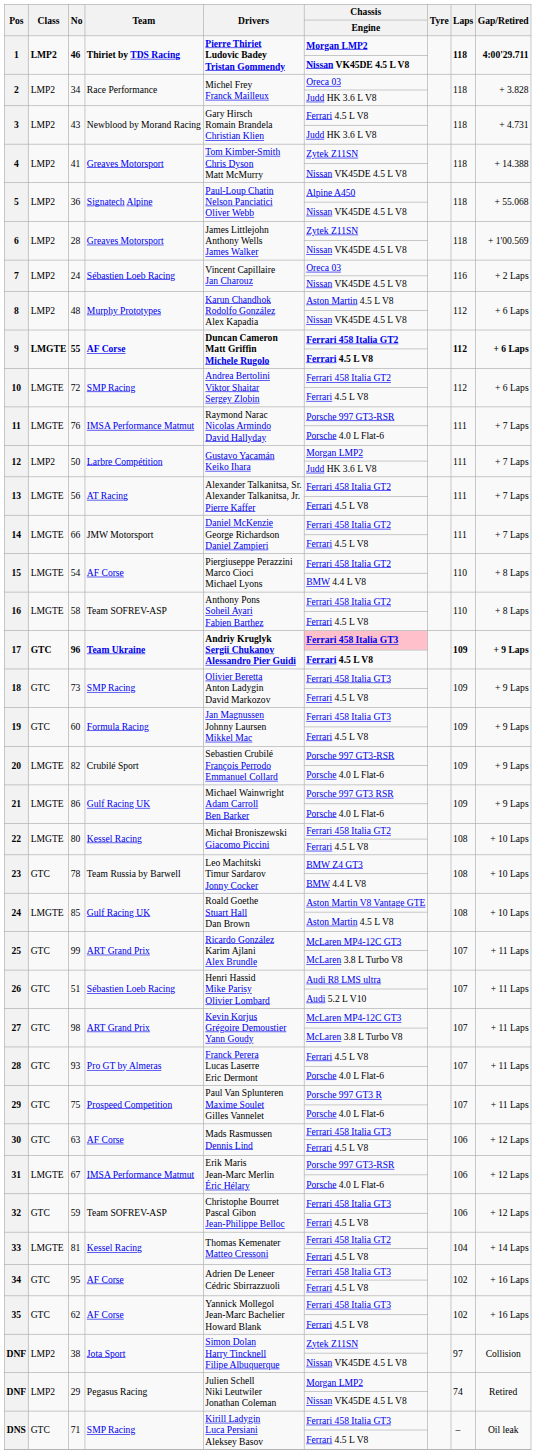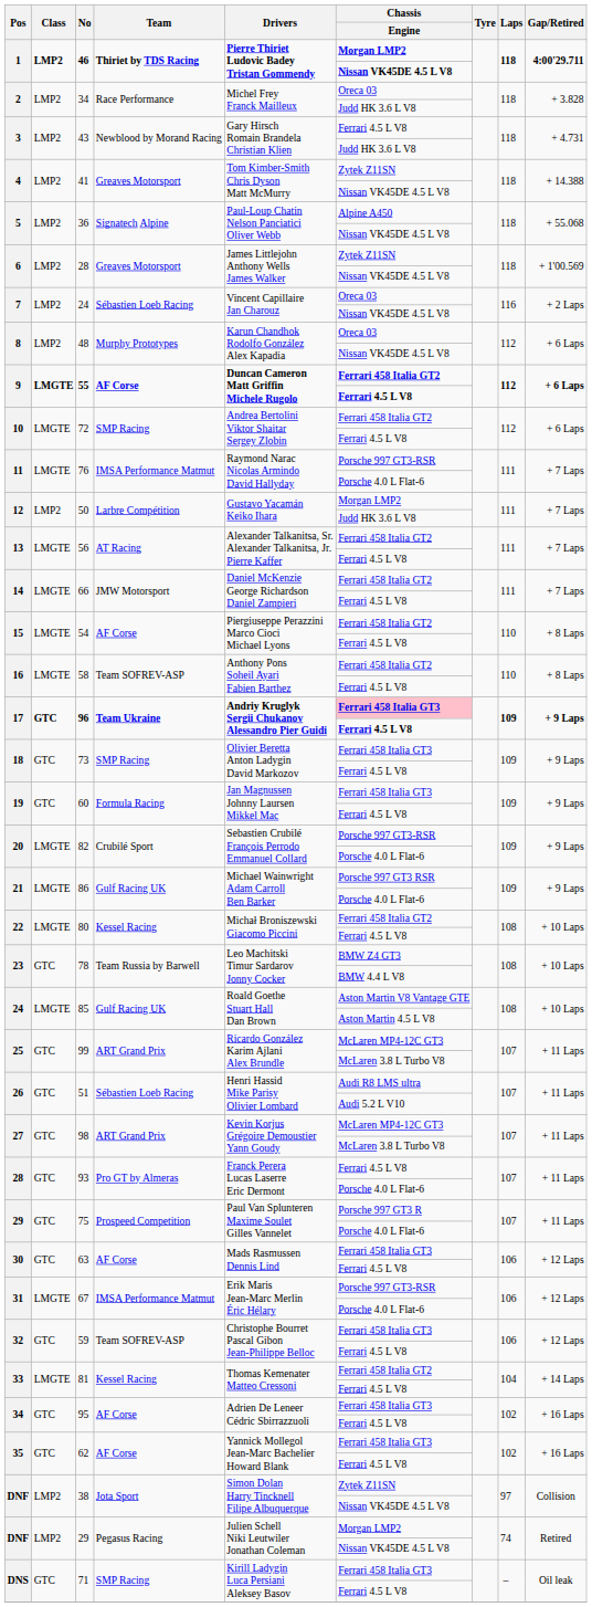 <table class="wikitable" style="font-size: 95%;">
 <tr>
 <th rowspan=2>Pos</th>
 <th rowspan=2>Class</th>
 <th rowspan=2>No</th>
 <th rowspan=2>Team</th>
 <th rowspan=2>Drivers</th>
 <th>Chassis</th>
 <th rowspan=2>Tyre</th>
 <th rowspan=2>Laps</th>
 <th rowspan=2>Gap/Retired</th>
 </tr>
 <tr>
 <th>Engine</th>
 </tr>
 <tr style="font-weight:bold">
 <th rowspan=2>1</th>
 <td rowspan=2><span>LMP2</span></td>
 <td rowspan=2>46</td>
 <td rowspan=2> Thiriet by <a href='#'>TDS Racing</a></td>
 <td rowspan=2> <a href='#'>Pierre Thiriet</a><br> Ludovic Badey<br> <a href='#'>Tristan Gommendy</a></td>
 <td><a href='#'>Morgan LMP2</a></td>
 <td rowspan=2></td>
 <td rowspan=2>118</td>
 <td rowspan=2 style="text-align:right;">4:00'29.711</td>
 </tr>
 <tr style="font-weight:bold">
 <td><a href='#'>Nissan</a> VK45DE 4.5 L V8</td>
 </tr>
 <tr>
 <th rowspan=2>2</th>
 <td rowspan=2><span>LMP2</span></td>
 <td rowspan=2>34</td>
 <td rowspan=2> Race Performance</td>
 <td rowspan=2> Michel Frey<br> <a href='#'>Franck Mailleux</a></td>
 <td><a href='#'>Oreca 03</a></td>
 <td rowspan=2></td>
 <td rowspan=2>118</td>
 <td rowspan=2 style="text-align:right;">+ 3.828</td>
 </tr>
 <tr>
 <td><a href='#'>Judd</a> HK 3.6 L V8</td>
 </tr>
 <tr>
 <th rowspan=2>3</th>
 <td rowspan=2><span>LMP2</span></td>
 <td rowspan=2>43</td>
 <td rowspan=2> Newblood by Morand Racing</td>
 <td rowspan=2> Gary Hirsch<br> Romain Brandela<br> <a href='#'>Christian Klien</a></td>
 <td><a href='#'>Ferrari</a> 4.5 L V8</td>
 <td rowspan=2></td>
 <td rowspan=2>118</td>
 <td rowspan=2 style="text-align:right;">+ 4.731</td>
 </tr>
 <tr>
 <td><a href='#'>Judd</a> HK 3.6 L V8</td>
 </tr>
 <tr>
 <th rowspan=2>4</th>
 <td rowspan=2><span>LMP2</span></td>
 <td rowspan=2>41</td>
 <td rowspan=2> <a href='#'>Greaves Motorsport</a></td>
 <td rowspan=2> <a href='#'>Tom Kimber-Smith</a><br> <a href='#'>Chris Dyson</a><br> Matt McMurry</td>
 <td><a href='#'>Zytek Z11SN</a></td>
 <td rowspan=2></td>
 <td rowspan=2>118</td>
 <td rowspan=2 style="text-align:right;">+ 14.388</td>
 </tr>
 <tr>
 <td><a href='#'>Nissan</a> VK45DE 4.5 L V8</td>
 </tr>
 <tr>
 <th rowspan=2>5</th>
 <td rowspan=2><span>LMP2</span></td>
 <td rowspan=2>36</td>
 <td rowspan=2> <a href='#'>Signatech</a> <a href='#'>Alpine</a></td>
 <td rowspan=2> <a href='#'>Paul-Loup Chatin</a><br> <a href='#'>Nelson Panciatici</a><br> <a href='#'>Oliver Webb</a></td>
 <td><a href='#'>Alpine A450</a></td>
 <td rowspan=2></td>
 <td rowspan=2>118</td>
 <td rowspan=2 style="text-align:right;">+ 55.068</td>
 </tr>
 <tr>
 <td><a href='#'>Nissan</a> VK45DE 4.5 L V8</td>
 </tr>
 <tr>
 <th rowspan=2>6</th>
 <td rowspan=2><span>LMP2</span></td>
 <td rowspan=2>28</td>
 <td rowspan=2> <a href='#'>Greaves Motorsport</a></td>
 <td rowspan=2> James Littlejohn<br> Anthony Wells<br> <a href='#'>James Walker</a></td>
 <td><a href='#'>Zytek Z11SN</a></td>
 <td rowspan=2></td>
 <td rowspan=2>118</td>
 <td rowspan=2 style="text-align:right;">+ 1'00.569</td>
 </tr>
 <tr>
 <td><a href='#'>Nissan</a> VK45DE 4.5 L V8</td>
 </tr>
 <tr>
 <th rowspan=2>7</th>
 <td rowspan=2><span>LMP2</span></td>
 <td rowspan=2>24</td>
 <td rowspan=2> <a href='#'>Sébastien Loeb Racing</a></td>
 <td rowspan=2> Vincent Capillaire<br> <a href='#'>Jan Charouz</a></td>
 <td><a href='#'>Oreca 03</a></td>
 <td rowspan=2></td>
 <td rowspan=2>116</td>
 <td rowspan=2 style="text-align:right;">+ 2 Laps</td>
 </tr>
 <tr>
 <td><a href='#'>Nissan</a> VK45DE 4.5 L V8</td>
 </tr>
 <tr>
 <th rowspan=2>8</th>
 <td rowspan=2><span>LMP2</span></td>
 <td rowspan=2>48</td>
 <td rowspan=2> <a href='#'>Murphy Prototypes</a></td>
 <td rowspan=2> <a href='#'>Karun Chandhok</a><br> <a href='#'>Rodolfo González</a><br> Alex Kapadia</td>
-<td><a href='#'>Aston Martin</a> 4.5 L V8</td>
+<td><a href='#'>Oreca 03</a></td>
 <td rowspan=2></td>
 <td rowspan=2>112</td>
 <td rowspan=2 style="text-align:right;">+ 6 Laps</td>
 </tr>
 <tr>
 <td><a href='#'>Nissan</a> VK45DE 4.5 L V8</td>
 </tr>
 <tr style="font-weight:bold">
 <th rowspan=2>9</th>
 <td rowspan=2><span>LMGTE</span></td>
 <td rowspan=2>55</td>
 <td rowspan=2> <a href='#'>AF Corse</a></td>
 <td rowspan=2> Duncan Cameron<br> Matt Griffin<br> <a href='#'>Michele Rugolo</a></td>
 <td><a href='#'>Ferrari 458 Italia GT2</a></td>
 <td rowspan=2></td>
 <td rowspan=2>112</td>
 <td rowspan=2 style="text-align:right;">+ 6 Laps</td>
 </tr>
 <tr style="font-weight:bold">
 <td><a href='#'>Ferrari</a> 4.5 L V8</td>
 </tr>
 <tr>
 <th rowspan=2>10</th>
 <td rowspan=2><span>LMGTE</span></td>
 <td rowspan=2>72</td>
 <td rowspan=2> <a href='#'>SMP Racing</a></td>
 <td rowspan=2> <a href='#'>Andrea Bertolini</a><br> <a href='#'>Viktor Shaitar</a><br> <a href='#'>Sergey Zlobin</a></td>
 <td><a href='#'>Ferrari 458 Italia GT2</a></td>
 <td rowspan=2></td>
 <td rowspan=2>112</td>
 <td rowspan=2 style="text-align:right;">+ 6 Laps</td>
 </tr>
 <tr>
 <td><a href='#'>Ferrari</a> 4.5 L V8</td>
 </tr>
 <tr>
 <th rowspan=2>11</th>
 <td rowspan=2><span>LMGTE</span></td>
 <td rowspan=2>76</td>
 <td rowspan=2> <a href='#'>IMSA Performance Matmut</a></td>
 <td rowspan=2> Raymond Narac<br> <a href='#'>Nicolas Armindo</a><br> <a href='#'>David Hallyday</a></td>
 <td><a href='#'>Porsche 997 GT3-RSR</a></td>
 <td rowspan=2></td>
 <td rowspan=2>111</td>
 <td rowspan=2 style="text-align:right;">+ 7 Laps</td>
 </tr>
 <tr>
 <td><a href='#'>Porsche</a> 4.0 L Flat-6</td>
 </tr>
 <tr>
 <th rowspan=2>12</th>
 <td rowspan=2><span>LMP2</span></td>
 <td rowspan=2>50</td>
 <td rowspan=2> <a href='#'>Larbre Compétition</a></td>
 <td rowspan=2> <a href='#'>Gustavo Yacamán</a><br> <a href='#'>Keiko Ihara</a></td>
 <td><a href='#'>Morgan LMP2</a></td>
 <td rowspan=2></td>
 <td rowspan=2>111</td>
 <td rowspan=2 style="text-align:right;">+ 7 Laps</td>
 </tr>
 <tr>
 <td><a href='#'>Judd</a> HK 3.6 L V8</td>
 </tr>
 <tr>
 <th rowspan=2>13</th>
 <td rowspan=2><span>LMGTE</span></td>
 <td rowspan=2>56</td>
 <td rowspan=2> <a href='#'>AT Racing</a></td>
 <td rowspan=2> Alexander Talkanitsa, Sr.<br> Alexander Talkanitsa, Jr.<br> <a href='#'>Pierre Kaffer</a></td>
 <td><a href='#'>Ferrari 458 Italia GT2</a></td>
 <td rowspan=2></td>
 <td rowspan=2>111</td>
 <td rowspan=2 style="text-align:right;">+ 7 Laps</td>
 </tr>
 <tr>
 <td><a href='#'>Ferrari</a> 4.5 L V8</td>
 </tr>
 <tr>
 <th rowspan=2>14</th>
 <td rowspan=2><span>LMGTE</span></td>
 <td rowspan=2>66</td>
 <td rowspan=2> JMW Motorsport</td>
 <td rowspan=2> <a href='#'>Daniel McKenzie</a><br> George Richardson<br> <a href='#'>Daniel Zampieri</a></td>
 <td><a href='#'>Ferrari 458 Italia GT2</a></td>
 <td rowspan=2></td>
 <td rowspan=2>111</td>
 <td rowspan=2 style="text-align:right;">+ 7 Laps</td>
 </tr>
 <tr>
 <td><a href='#'>Ferrari</a> 4.5 L V8</td>
 </tr>
 <tr>
 <th rowspan=2>15</th>
 <td rowspan=2><span>LMGTE</span></td>
 <td rowspan=2>54</td>
 <td rowspan=2> <a href='#'>AF Corse</a></td>
 <td rowspan=2> Piergiuseppe Perazzini<br> Marco Cioci<br> Michael Lyons</td>
 <td><a href='#'>Ferrari 458 Italia GT2</a></td>
 <td rowspan=2></td>
 <td rowspan=2>110</td>
 <td rowspan=2 style="text-align:right;">+ 8 Laps</td>
 </tr>
 <tr>
-<td><a href='#'>BMW</a> 4.4 L V8</td>
+<td><a href='#'>Ferrari</a> 4.5 L V8</td>
 </tr>
 <tr>
 <th rowspan=2>16</th>
 <td rowspan=2><span>LMGTE</span></td>
 <td rowspan=2>58</td>
 <td rowspan=2> Team SOFREV-ASP</td>
 <td rowspan=2> Anthony Pons<br> <a href='#'>Soheil Ayari</a><br> <a href='#'>Fabien Barthez</a></td>
 <td><a href='#'>Ferrari 458 Italia GT2</a></td>
 <td rowspan=2></td>
 <td rowspan=2>110</td>
 <td rowspan=2 style="text-align:right;">+ 8 Laps</td>
 </tr>
 <tr>
 <td><a href='#'>Ferrari</a> 4.5 L V8</td>
 </tr>
 <tr style="font-weight:bold">
 <th rowspan=2>17</th>
 <td rowspan=2><span>GTC</span></td>
 <td rowspan=2>96</td>
 <td rowspan=2> <a href='#'>Team Ukraine</a></td>
 <td rowspan=2> Andriy Kruglyk<br> <a href='#'>Sergii Chukanov</a><br> <a href='#'>Alessandro Pier Guidi</a></td>
 <td style="background: pink;"><a href='#'>Ferrari 458 Italia GT3</a></td>
 <td rowspan=2></td>
 <td rowspan=2>109</td>
 <td rowspan=2 style="text-align:right;">+ 9 Laps</td>
 </tr>
 <tr style="font-weight:bold">
 <td><a href='#'>Ferrari</a> 4.5 L V8</td>
 </tr>
 <tr>
 <th rowspan=2>18</th>
 <td rowspan=2><span>GTC</span></td>
 <td rowspan=2>73</td>
 <td rowspan=2> <a href='#'>SMP Racing</a></td>
 <td rowspan=2> <a href='#'>Olivier Beretta</a><br> Anton Ladygin<br> David Markozov</td>
 <td><a href='#'>Ferrari 458 Italia GT3</a></td>
 <td rowspan=2></td>
 <td rowspan=2>109</td>
 <td rowspan=2 style="text-align:right;">+ 9 Laps</td>
 </tr>
 <tr>
 <td><a href='#'>Ferrari</a> 4.5 L V8</td>
 </tr>
 <tr>
 <th rowspan=2>19</th>
 <td rowspan=2><span>GTC</span></td>
 <td rowspan=2>60</td>
 <td rowspan=2> <a href='#'>Formula Racing</a></td>
 <td rowspan=2> <a href='#'>Jan Magnussen</a><br> Johnny Laursen<br> <a href='#'>Mikkel Mac</a></td>
 <td><a href='#'>Ferrari 458 Italia GT3</a></td>
 <td rowspan=2></td>
 <td rowspan=2>109</td>
 <td rowspan=2 style="text-align:right;">+ 9 Laps</td>
 </tr>
 <tr>
 <td><a href='#'>Ferrari</a> 4.5 L V8</td>
 </tr>
 <tr>
 <th rowspan=2>20</th>
 <td rowspan=2><span>LMGTE</span></td>
 <td rowspan=2>82</td>
 <td rowspan=2> Crubilé Sport</td>
 <td rowspan=2> Sebastien Crubilé<br> <a href='#'>François Perrodo</a><br> <a href='#'>Emmanuel Collard</a></td>
 <td><a href='#'>Porsche 997 GT3-RSR</a></td>
 <td rowspan=2></td>
 <td rowspan=2>109</td>
 <td rowspan=2 style="text-align:right;">+ 9 Laps</td>
 </tr>
 <tr>
 <td><a href='#'>Porsche</a> 4.0 L Flat-6</td>
 </tr>
 <tr>
 <th rowspan=2>21</th>
 <td rowspan=2><span>LMGTE</span></td>
 <td rowspan=2>86</td>
 <td rowspan=2> <a href='#'>Gulf Racing UK</a></td>
 <td rowspan=2> Michael Wainwright<br> <a href='#'>Adam Carroll</a><br> <a href='#'>Ben Barker</a></td>
 <td><a href='#'>Porsche 997 GT3 RSR</a></td>
 <td rowspan=2></td>
 <td rowspan=2>109</td>
 <td rowspan=2 style="text-align:right;">+ 9 Laps</td>
 </tr>
 <tr>
 <td><a href='#'>Porsche</a> 4.0 L Flat-6</td>
 </tr>
 <tr>
 <th rowspan=2>22</th>
 <td rowspan=2><span>LMGTE</span></td>
 <td rowspan=2>80</td>
 <td rowspan=2> <a href='#'>Kessel Racing</a></td>
 <td rowspan=2> Michał Broniszewski<br> <a href='#'>Giacomo Piccini</a></td>
 <td><a href='#'>Ferrari 458 Italia GT2</a></td>
 <td rowspan=2></td>
 <td rowspan=2>108</td>
 <td rowspan=2 style="text-align:right;">+ 10 Laps</td>
 </tr>
 <tr>
 <td><a href='#'>Ferrari</a> 4.5 L V8</td>
 </tr>
 <tr>
 <th rowspan=2>23</th>
 <td rowspan=2><span>GTC</span></td>
 <td rowspan=2>78</td>
 <td rowspan=2> Team Russia by Barwell</td>
 <td rowspan=2> Leo Machitski<br> Timur Sardarov<br> <a href='#'>Jonny Cocker</a></td>
 <td><a href='#'>BMW Z4 GT3</a></td>
 <td rowspan=2></td>
 <td rowspan=2>108</td>
 <td rowspan=2 style="text-align:right;">+ 10 Laps</td>
 </tr>
 <tr>
 <td><a href='#'>BMW</a> 4.4 L V8</td>
 </tr>
 <tr>
 <th rowspan=2>24</th>
 <td rowspan=2><span>LMGTE</span></td>
 <td rowspan=2>85</td>
 <td rowspan=2> <a href='#'>Gulf Racing UK</a></td>
 <td rowspan=2> Roald Goethe<br> <a href='#'>Stuart Hall</a><br> Dan Brown</td>
 <td><a href='#'>Aston Martin V8 Vantage GTE</a></td>
 <td rowspan=2></td>
 <td rowspan=2>108</td>
 <td rowspan=2 style="text-align:right;">+ 10 Laps</td>
 </tr>
 <tr>
 <td><a href='#'>Aston Martin</a> 4.5 L V8</td>
 </tr>
 <tr>
 <th rowspan=2>25</th>
 <td rowspan=2><span>GTC</span></td>
 <td rowspan=2>99</td>
 <td rowspan=2> <a href='#'>ART Grand Prix</a></td>
 <td rowspan=2> <a href='#'>Ricardo González</a><br> Karim Ajlani<br> <a href='#'>Alex Brundle</a></td>
 <td><a href='#'>McLaren MP4-12C GT3</a></td>
 <td rowspan=2></td>
 <td rowspan=2>107</td>
 <td rowspan=2 style="text-align:right;">+ 11 Laps</td>
 </tr>
 <tr>
 <td><a href='#'>McLaren</a> 3.8 L Turbo V8</td>
 </tr>
 <tr>
 <th rowspan=2>26</th>
 <td rowspan=2><span>GTC</span></td>
 <td rowspan=2>51</td>
 <td rowspan=2> <a href='#'>Sébastien Loeb Racing</a></td>
 <td rowspan=2> Henri Hassid<br> <a href='#'>Mike Parisy</a><br> <a href='#'>Olivier Lombard</a></td>
 <td><a href='#'>Audi R8 LMS ultra</a></td>
 <td rowspan=2></td>
 <td rowspan=2>107</td>
 <td rowspan=2 style="text-align:right;">+ 11 Laps</td>
 </tr>
 <tr>
 <td><a href='#'>Audi</a> 5.2 L V10</td>
 </tr>
 <tr>
 <th rowspan=2>27</th>
 <td rowspan=2><span>GTC</span></td>
 <td rowspan=2>98</td>
 <td rowspan=2> <a href='#'>ART Grand Prix</a></td>
 <td rowspan=2> <a href='#'>Kevin Korjus</a><br> <a href='#'>Grégoire Demoustier</a><br> <a href='#'>Yann Goudy</a></td>
 <td><a href='#'>McLaren MP4-12C GT3</a></td>
 <td rowspan=2></td>
 <td rowspan=2>107</td>
 <td rowspan=2 style="text-align:right;">+ 11 Laps</td>
 </tr>
 <tr>
 <td><a href='#'>McLaren</a> 3.8 L Turbo V8</td>
 </tr>
 <tr>
 <th rowspan=2>28</th>
 <td rowspan=2><span>GTC</span></td>
 <td rowspan=2>93</td>
 <td rowspan=2> <a href='#'>Pro GT by Almeras</a></td>
 <td rowspan=2> <a href='#'>Franck Perera</a><br> Lucas Laserre<br> Eric Dermont</td>
 <td><a href='#'>Ferrari</a> 4.5 L V8</td>
 <td rowspan=2></td>
 <td rowspan=2>107</td>
 <td rowspan=2 style="text-align:right;">+ 11 Laps</td>
 </tr>
 <tr>
 <td><a href='#'>Porsche</a> 4.0 L Flat-6</td>
 </tr>
 <tr>
 <th rowspan=2>29</th>
 <td rowspan=2><span>GTC</span></td>
 <td rowspan=2>75</td>
 <td rowspan=2> <a href='#'>Prospeed Competition</a></td>
 <td rowspan=2> Paul Van Splunteren<br> <a href='#'>Maxime Soulet</a><br> Gilles Vannelet</td>
 <td><a href='#'>Porsche 997 GT3 R</a></td>
 <td rowspan=2></td>
 <td rowspan=2>107</td>
 <td rowspan=2 style="text-align:right;">+ 11 Laps</td>
 </tr>
 <tr>
 <td><a href='#'>Porsche</a> 4.0 L Flat-6</td>
 </tr>
 <tr>
 <th rowspan=2>30</th>
 <td rowspan=2><span>GTC</span></td>
 <td rowspan=2>63</td>
 <td rowspan=2> <a href='#'>AF Corse</a></td>
 <td rowspan=2> Mads Rasmussen<br> <a href='#'>Dennis Lind</a></td>
 <td><a href='#'>Ferrari 458 Italia GT3</a></td>
 <td rowspan=2></td>
 <td rowspan=2>106</td>
 <td rowspan=2 style="text-align:right;">+ 12 Laps</td>
 </tr>
 <tr>
 <td><a href='#'>Ferrari</a> 4.5 L V8</td>
 </tr>
 <tr>
 <th rowspan=2>31</th>
 <td rowspan=2><span>LMGTE</span></td>
 <td rowspan=2>67</td>
 <td rowspan=2> <a href='#'>IMSA Performance Matmut</a></td>
 <td rowspan=2> Erik Maris<br> Jean-Marc Merlin<br> <a href='#'>Éric Hélary</a></td>
 <td><a href='#'>Porsche 997 GT3-RSR</a></td>
 <td rowspan=2></td>
 <td rowspan=2>106</td>
 <td rowspan=2 style="text-align:right;">+ 12 Laps</td>
 </tr>
 <tr>
 <td><a href='#'>Porsche</a> 4.0 L Flat-6</td>
 </tr>
 <tr>
 <th rowspan=2>32</th>
 <td rowspan=2><span>GTC</span></td>
 <td rowspan=2>59</td>
 <td rowspan=2> Team SOFREV-ASP</td>
 <td rowspan=2> Christophe Bourret<br> Pascal Gibon<br> <a href='#'>Jean-Philippe Belloc</a></td>
 <td><a href='#'>Ferrari 458 Italia GT3</a></td>
 <td rowspan=2></td>
 <td rowspan=2>106</td>
 <td rowspan=2 style="text-align:right;">+ 12 Laps</td>
 </tr>
 <tr>
 <td><a href='#'>Ferrari</a> 4.5 L V8</td>
 </tr>
 <tr>
 <th rowspan=2>33</th>
 <td rowspan=2><span>LMGTE</span></td>
 <td rowspan=2>81</td>
 <td rowspan=2> <a href='#'>Kessel Racing</a></td>
 <td rowspan=2> Thomas Kemenater<br> <a href='#'>Matteo Cressoni</a></td>
 <td><a href='#'>Ferrari 458 Italia GT2</a></td>
 <td rowspan=2></td>
 <td rowspan=2>104</td>
 <td rowspan=2 style="text-align:right;">+ 14 Laps</td>
 </tr>
 <tr>
 <td><a href='#'>Ferrari</a> 4.5 L V8</td>
 </tr>
 <tr>
 <th rowspan=2>34</th>
 <td rowspan=2><span>GTC</span></td>
 <td rowspan=2>95</td>
 <td rowspan=2> <a href='#'>AF Corse</a></td>
 <td rowspan=2> Adrien De Leneer<br> Cédric Sbirrazzuoli</td>
 <td><a href='#'>Ferrari 458 Italia GT3</a></td>
 <td rowspan=2></td>
 <td rowspan=2>102</td>
 <td rowspan=2 style="text-align:right;">+ 16 Laps</td>
 </tr>
 <tr>
 <td><a href='#'>Ferrari</a> 4.5 L V8</td>
 </tr>
 <tr>
 <th rowspan=2>35</th>
 <td rowspan=2><span>GTC</span></td>
 <td rowspan=2>62</td>
 <td rowspan=2> <a href='#'>AF Corse</a></td>
 <td rowspan=2> Yannick Mollegol<br> Jean-Marc Bachelier<br> Howard Blank</td>
 <td><a href='#'>Ferrari 458 Italia GT3</a></td>
 <td rowspan=2></td>
 <td rowspan=2>102</td>
 <td rowspan=2 style="text-align:right;">+ 16 Laps</td>
 </tr>
 <tr>
 <td><a href='#'>Ferrari</a> 4.5 L V8</td>
 </tr>
 <tr>
 <th rowspan=2>DNF</th>
 <td rowspan=2><span>LMP2</span></td>
 <td rowspan=2>38</td>
 <td rowspan=2> <a href='#'>Jota Sport</a></td>
 <td rowspan=2> <a href='#'>Simon Dolan</a><br> <a href='#'>Harry Tincknell</a><br> <a href='#'>Filipe Albuquerque</a></td>
 <td><a href='#'>Zytek Z11SN</a></td>
 <td rowspan=2></td>
 <td rowspan=2>97</td>
 <td rowspan=2 style="text-align:center;">Collision</td>
 </tr>
 <tr>
 <td><a href='#'>Nissan</a> VK45DE 4.5 L V8</td>
 </tr>
 <tr>
 <th rowspan=2>DNF</th>
 <td rowspan=2><span>LMP2</span></td>
 <td rowspan=2>29</td>
 <td rowspan=2> Pegasus Racing</td>
 <td rowspan=2> Julien Schell<br> Niki Leutwiler<br> Jonathan Coleman</td>
 <td><a href='#'>Morgan LMP2</a></td>
 <td rowspan=2></td>
 <td rowspan=2>74</td>
 <td rowspan=2 style="text-align:center;">Retired</td>
 </tr>
 <tr>
 <td><a href='#'>Nissan</a> VK45DE 4.5 L V8</td>
 </tr>
 <tr>
 <th rowspan=2>DNS</th>
 <td rowspan=2><span>GTC</span></td>
 <td rowspan=2>71</td>
 <td rowspan=2> <a href='#'>SMP Racing</a></td>
 <td rowspan=2> <a href='#'>Kirill Ladygin</a><br> <a href='#'>Luca Persiani</a><br> Aleksey Basov</td>
 <td><a href='#'>Ferrari 458 Italia GT3</a></td>
 <td rowspan=2></td>
 <td rowspan=2> –</td>
 <td rowspan=2 style="text-align:center;">Oil leak</td>
 </tr>
 <tr>
 <td><a href='#'>Ferrari</a> 4.5 L V8</td>
 </tr>
 <tr>
 </tr>
 </table>
